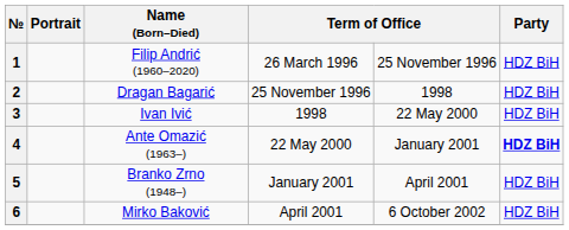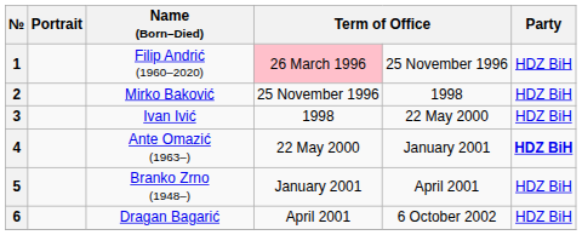 <table class="wikitable" style="text-align:center">
 <tr ->
 <th>№</th>
 <th>Portrait</th>
 <th width=180>Name<br><small>(Born–Died)</small></th>
 <th colspan=2>Term of Office</th>
 <th>Party</th>
 </tr>
 <tr ->
 <th style="background:">1</th>
 <td></td>
 <td><a href='#'>Filip Andrić</a><br><small>(1960–2020)</small></td>
-<td>26 March 1996</td>
+<td style="background: pink;">26 March 1996</td>
 <td>25 November 1996</td>
 <td><a href='#'>HDZ BiH</a></td>
 </tr>
 <tr ->
 <th style="background:">2</th>
 <td></td>
-<td><a href='#'>Dragan Bagarić</a></td>
+<td><a href='#'>Mirko Baković</a></td>
 <td>25 November 1996</td>
 <td>1998</td>
 <td><a href='#'>HDZ BiH</a></td>
 </tr>
 <tr ->
 <th style="background:">3</th>
 <td></td>
 <td><a href='#'>Ivan Ivić</a></td>
 <td>1998</td>
 <td>22 May 2000</td>
 <td><a href='#'>HDZ BiH</a></td>
 </tr>
 <tr ->
 <th style="background:">4</th>
 <td></td>
 <td><a href='#'>Ante Omazić</a><br><small>(1963–)</small></td>
 <td>22 May 2000</td>
 <td>January 2001</td>
 <td><strong><a href='#'>HDZ BiH</a></strong></td>
 </tr>
 <tr ->
 <th style="background:">5</th>
 <td></td>
 <td><a href='#'>Branko Zrno</a><br><small>(1948–)</small></td>
 <td>January 2001</td>
 <td>April 2001</td>
 <td><a href='#'>HDZ BiH</a></td>
 </tr>
 <tr ->
 <th style="background:">6</th>
 <td></td>
-<td><a href='#'>Mirko Baković</a></td>
+<td><a href='#'>Dragan Bagarić</a></td>
 <td>April 2001</td>
 <td>6 October 2002</td>
 <td><a href='#'>HDZ BiH</a></td>
 </tr>
 <tr ->
 </tr>
 </table>
